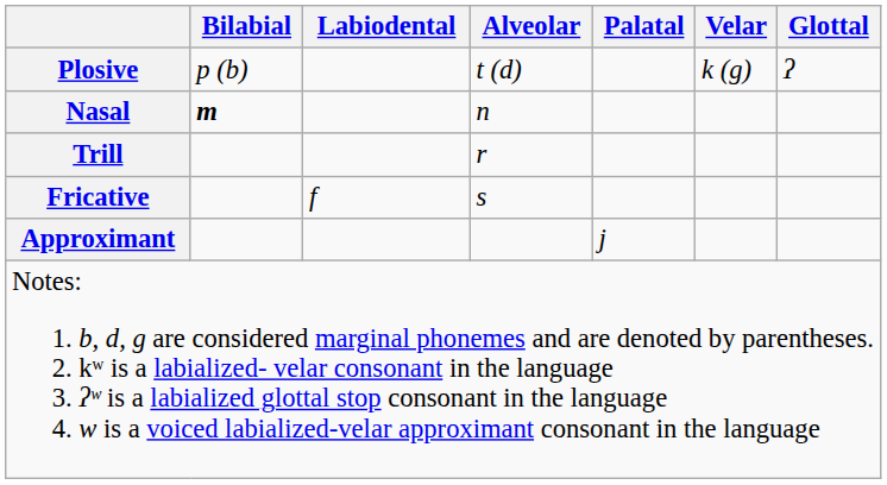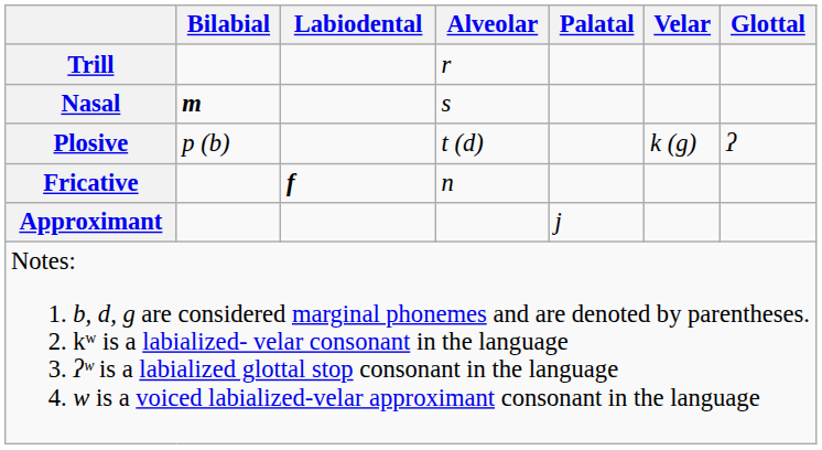 <table class="wikitable">
 <tr>
 <th></th>
 <th><a href='#'>Bilabial</a></th>
 <th><a href='#'>Labiodental</a></th>
 <th><a href='#'>Alveolar</a></th>
 <th><a href='#'>Palatal</a></th>
 <th><a href='#'>Velar</a></th>
 <th><a href='#'>Glottal</a></th>
 </tr>
 <tr>
+<th><strong><a href='#'>Trill</a></strong></th>
+<td></td>
+<td></td>
+<td><em>r</em></td>
+<td></td>
+<td></td>
+<td></td>
+</tr>
+<tr>
+<th><strong><a href='#'>Nasal</a></strong></th>
+<td><strong><em>m</em></strong></td>
+<td></td>
+<td><em>s</em></td>
+<td></td>
+<td></td>
+<td></td>
+</tr>
+<tr>
 <th><strong><a href='#'>Plosive</a></strong></th>
 <td><em>p</em>  <em>(b)</em></td>
 <td></td>
 <td><em>t</em>  <em>(d)</em></td>
 <td></td>
 <td><em>k  (g)</em></td>
 <td><em>ʔ</em></td>
 </tr>
 <tr>
-<th><strong><a href='#'>Nasal</a></strong></th>
-<td><strong><em>m</em></strong></td>
-<td></td>
-<td><em>n</em></td>
-<td></td>
-<td></td>
-<td></td>
-</tr>
-<tr>
-<th><strong><a href='#'>Trill</a></strong></th>
-<td></td>
-<td></td>
-<td><em>r</em></td>
-<td></td>
-<td></td>
-<td></td>
-</tr>
-<tr>
 <th><strong><a href='#'>Fricative</a></strong></th>
 <td></td>
-<td><em>f</em></td>
-<td><em>s</em></td>
+<td><strong><em>f</em></strong></td>
+<td><em>n</em></td>
 <td></td>
 <td></td>
 <td></td>
 </tr>
 <tr>
 <th><a href='#'>Approximant</a></th>
 <td></td>
 <td></td>
 <td></td>
 <td><em>j</em></td>
 <td></td>
 <td></td>
 </tr>
 <tr>
 <td colspan="7">Notes:<br><ol><li><em>b, d, g</em> are considered <a href='#'>marginal phonemes</a> and are denoted by parentheses.</li><li>kʷ is a <a href='#'>labialized- velar consonant</a> in the language</li><li><em>ʔʷ</em> is a <a href='#'>labialized glottal stop</a> consonant in the language</li><li><em>w</em> is a <a href='#'>voiced labialized-velar approximant</a> consonant in the language</li></ol></td>
 </tr>
 </table>
